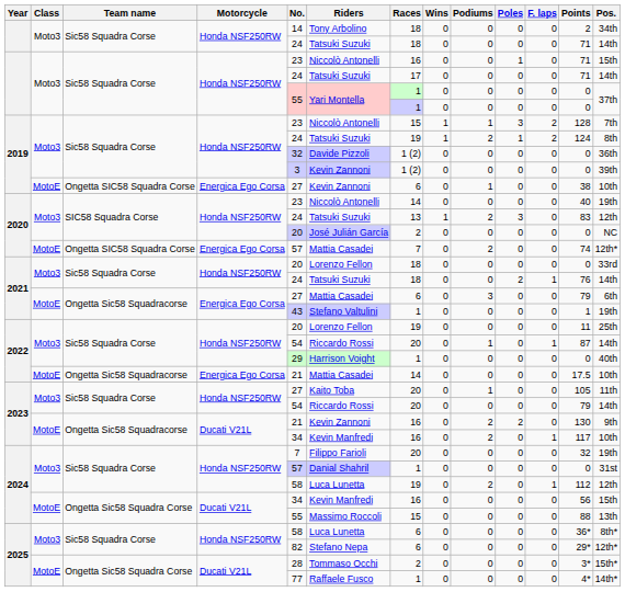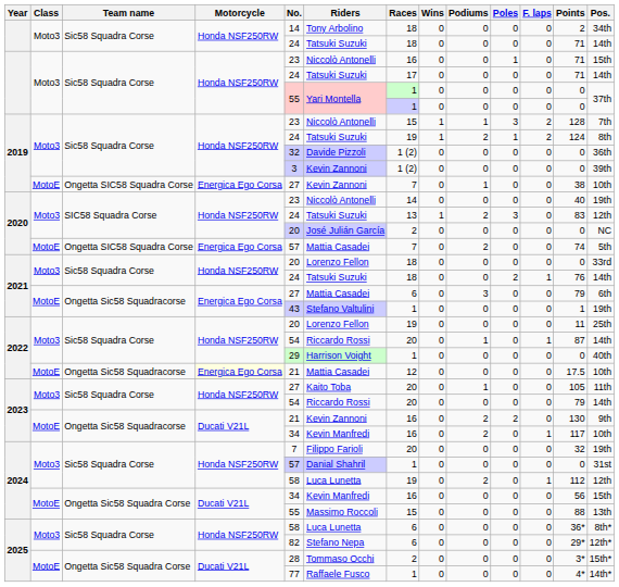 <table class="wikitable" style="text-align:right; font-size:80%;">
 <tr>
 <th scope="col">Year</th>
 <th scope="col">Class</th>
 <th scope="col">Team name</th>
 <th scope="col">Motorcycle</th>
 <th scope="col">No.</th>
 <th scope="col">Riders</th>
 <th scope="col">Races</th>
 <th scope="col">Wins</th>
 <th scope="col">Podiums</th>
 <th scope="col"><a href='#'>Poles</a></th>
 <th scope="col"><a href='#'>F. laps</a></th>
 <th scope="col">Points</th>
 <th scope="col">Pos.</th>
 </tr>
 <tr>
 <th scope="row" rowspan="2"></th>
 <td rowspan="2">Moto3</td>
 <td style="text-align:left;" rowspan="2">Sic58 Squadra Corse</td>
 <td style="text-align:left;" rowspan="2"><a href='#'>Honda NSF250RW</a></td>
 <td style="text-align:center;">14</td>
 <td style="text-align:left;"> <a href='#'>Tony Arbolino</a></td>
 <td>18</td>
 <td>0</td>
 <td>0</td>
 <td>0</td>
 <td>0</td>
 <td>2</td>
 <td>34th</td>
 </tr>
 <tr>
 <td style="text-align:center;">24</td>
 <td style="text-align:left;"> <a href='#'>Tatsuki Suzuki</a></td>
 <td>18</td>
 <td>0</td>
 <td>0</td>
 <td>0</td>
 <td>0</td>
 <td>71</td>
 <td>14th</td>
 </tr>
 <tr>
 <th scope="row" rowspan="4"></th>
 <td rowspan="4">Moto3</td>
 <td style="text-align:left;" rowspan="4">Sic58 Squadra Corse</td>
 <td style="text-align:left;" rowspan="4"><a href='#'>Honda NSF250RW</a></td>
 <td style="text-align:center;">23</td>
 <td style="text-align:left;"> <a href='#'>Niccolò Antonelli</a></td>
 <td>16</td>
 <td>0</td>
 <td>0</td>
 <td>1</td>
 <td>0</td>
 <td>71</td>
 <td>15th</td>
 </tr>
 <tr>
 <td style="text-align:center;">24</td>
 <td style="text-align:left;"> <a href='#'>Tatsuki Suzuki</a></td>
 <td>17</td>
 <td>0</td>
 <td>0</td>
 <td>0</td>
 <td>0</td>
 <td>71</td>
 <td>14th</td>
 </tr>
 <tr>
 <td style="background:#FFCCCC; text-align:center;" rowspan="2">55</td>
 <td style="background:#FFCCCC; text-align:left;" rowspan="2"> <a href='#'>Yari Montella</a></td>
 <td style="background:#CCFFCC;">1</td>
 <td>0</td>
 <td>0</td>
 <td>0</td>
 <td>0</td>
 <td>0</td>
 <td rowspan="2">37th</td>
 </tr>
 <tr>
 <td style="background:#CCCCFF;">1</td>
 <td>0</td>
 <td>0</td>
 <td>0</td>
 <td>0</td>
 <td>0</td>
 </tr>
 <tr>
 <th scope="row" rowspan="5">2019</th>
 <td rowspan="4"><a href='#'>Moto3</a></td>
 <td style="text-align:left;" rowspan="4">Sic58 Squadra Corse</td>
 <td style="text-align:left;" rowspan="4"><a href='#'>Honda NSF250RW</a></td>
 <td style="text-align:center;">23</td>
 <td style="text-align:left;"> <a href='#'>Niccolò Antonelli</a></td>
 <td>15</td>
 <td>1</td>
 <td>1</td>
 <td>3</td>
 <td>2</td>
 <td>128</td>
 <td>7th</td>
 </tr>
 <tr>
 <td style="text-align:center;">24</td>
 <td style="text-align:left;"> <a href='#'>Tatsuki Suzuki</a></td>
 <td>19</td>
 <td>1</td>
 <td>2</td>
 <td>1</td>
 <td>2</td>
 <td>124</td>
 <td>8th</td>
 </tr>
 <tr>
 <td style="background:#CCCCFF; text-align:center;">32</td>
 <td style="background:#CCCCFF; text-align:left;"> <a href='#'>Davide Pizzoli</a></td>
 <td>1 (2)</td>
 <td>0</td>
 <td>0</td>
 <td>0</td>
 <td>0</td>
 <td>0</td>
 <td>36th</td>
 </tr>
 <tr>
 <td style="background:#CCCCFF; text-align:center;">3</td>
 <td style="background:#CCCCFF; text-align:left;"> <a href='#'>Kevin Zannoni</a></td>
 <td>1 (2)</td>
 <td>0</td>
 <td>0</td>
 <td>0</td>
 <td>0</td>
 <td>0</td>
 <td>39th</td>
 </tr>
 <tr>
 <td><a href='#'>MotoE</a></td>
 <td style="text-align:left;">Ongetta SIC58 Squadra Corse</td>
 <td style="text-align:left;"><a href='#'>Energica Ego Corsa</a></td>
 <td style="text-align:center;">27</td>
 <td style="text-align:left;"> <a href='#'>Kevin Zannoni</a></td>
-<td>6</td>
+<td>7</td>
 <td>0</td>
 <td>1</td>
 <td>0</td>
 <td>0</td>
 <td>38</td>
 <td>10th</td>
 </tr>
 <tr>
 <th scope="row" rowspan="4">2020</th>
 <td rowspan="3"><a href='#'>Moto3</a></td>
 <td style="text-align:left;" rowspan="3">SIC58 Squadra Corse</td>
 <td style="text-align:left;" rowspan="3"><a href='#'>Honda NSF250RW</a></td>
 <td style="text-align:center;">23</td>
 <td style="text-align:left;"> <a href='#'>Niccolò Antonelli</a></td>
 <td>14</td>
 <td>0</td>
 <td>0</td>
 <td>0</td>
 <td>0</td>
 <td>40</td>
 <td>19th</td>
 </tr>
 <tr>
 <td style="text-align:center;">24</td>
 <td style="text-align:left;"> <a href='#'>Tatsuki Suzuki</a></td>
 <td>13</td>
 <td>1</td>
 <td>2</td>
 <td>3</td>
 <td>0</td>
 <td>83</td>
 <td>12th</td>
 </tr>
 <tr>
 <td style="background:#CCCCFF; text-align:center;">20</td>
 <td style="background:#CCCCFF; text-align:left;"> <a href='#'>José Julián García</a></td>
 <td>2</td>
 <td>0</td>
 <td>0</td>
 <td>0</td>
 <td>0</td>
 <td>0</td>
 <td>NC</td>
 </tr>
 <tr>
 <td><a href='#'>MotoE</a></td>
 <td style="text-align:left;">Ongetta SIC58 Squadra Corse</td>
 <td style="text-align:left;"><a href='#'>Energica Ego Corsa</a></td>
 <td style="text-align:center;">57</td>
 <td style="text-align:left;"> <a href='#'>Mattia Casadei</a></td>
 <td>7</td>
 <td>0</td>
 <td>2</td>
 <td>0</td>
 <td>0</td>
 <td>74</td>
-<td>12th*</td>
+<td>5th</td>
 </tr>
 <tr>
 <th scope="row" rowspan="4">2021</th>
 <td rowspan="2"><a href='#'>Moto3</a></td>
 <td style="text-align:left;" rowspan="2">Sic58 Squadra Corse</td>
 <td style="text-align:left;" rowspan="2"><a href='#'>Honda NSF250RW</a></td>
 <td style="text-align:center;">20</td>
 <td style="text-align:left;"> <a href='#'>Lorenzo Fellon</a></td>
 <td>18</td>
 <td>0</td>
 <td>0</td>
 <td>0</td>
 <td>0</td>
 <td>0</td>
 <td>33rd</td>
 </tr>
 <tr>
 <td style="text-align:center;">24</td>
 <td style="text-align:left;"> <a href='#'>Tatsuki Suzuki</a></td>
 <td>18</td>
 <td>0</td>
 <td>0</td>
 <td>2</td>
 <td>1</td>
 <td>76</td>
 <td>14th</td>
 </tr>
 <tr>
 <td style="text-align:left;" rowspan="2"><a href='#'>MotoE</a></td>
 <td style="text-align:left;" rowspan="2">Ongetta Sic58 Squadracorse</td>
 <td style="text-align:left;" rowspan="2"><a href='#'>Energica Ego Corsa</a></td>
 <td style="text-align:center;">27</td>
 <td style="text-align:left;"> <a href='#'>Mattia Casadei</a></td>
 <td>6</td>
 <td>0</td>
 <td>3</td>
 <td>0</td>
 <td>0</td>
 <td>79</td>
 <td>6th</td>
 </tr>
 <tr>
 <td style="background:#CCCCFF; text-align:center;">43</td>
 <td style="background:#CCCCFF; text-align:left;"> <a href='#'>Stefano Valtulini</a></td>
 <td>1</td>
 <td>0</td>
 <td>0</td>
 <td>0</td>
 <td>0</td>
 <td>1</td>
 <td>19th</td>
 </tr>
 <tr>
 <th scope="row" rowspan="4">2022</th>
 <td rowspan="3"><a href='#'>Moto3</a></td>
 <td style="text-align:left;" rowspan="3">Sic58 Squadra Corse</td>
 <td style="text-align:left;" rowspan="3"><a href='#'>Honda NSF250RW</a></td>
 <td style="text-align:center;">20</td>
 <td style="text-align:left;"> <a href='#'>Lorenzo Fellon</a></td>
 <td>19</td>
 <td>0</td>
 <td>0</td>
 <td>0</td>
 <td>0</td>
 <td>11</td>
 <td>25th</td>
 </tr>
 <tr>
 <td style="text-align:center;">54</td>
 <td style="text-align:left;"> <a href='#'>Riccardo Rossi</a></td>
 <td>20</td>
 <td>0</td>
 <td>1</td>
 <td>0</td>
 <td>1</td>
 <td>87</td>
 <td>14th</td>
 </tr>
 <tr>
 <td style="background:#CCFFCC; text-align:center;">29</td>
 <td style="background:#CCFFCC; text-align:left;"> <a href='#'>Harrison Voight</a></td>
 <td>1</td>
 <td>0</td>
 <td>0</td>
 <td>0</td>
 <td>0</td>
 <td>0</td>
 <td>40th</td>
 </tr>
 <tr>
 <td><a href='#'>MotoE</a></td>
 <td style="text-align:left;">Ongetta Sic58 Squadracorse</td>
-<td style="text-align:left;"><a href='#'>Energica Ego Corsa</a></td>
+<td style="background: lightyellow; text-align:left;"><a href='#'>Energica Ego Corsa</a></td>
 <td style="text-align:center;">21</td>
 <td style="text-align:left;"> <a href='#'>Mattia Casadei</a></td>
-<td>14</td>
+<td>12</td>
 <td>0</td>
 <td>0</td>
 <td>0</td>
 <td>0</td>
 <td>17.5</td>
 <td>10th</td>
 </tr>
 <tr>
 <th scope="row" rowspan="4">2023</th>
 <td rowspan="2"><a href='#'>Moto3</a></td>
 <td style="text-align:left;" rowspan="2">Sic58 Squadra Corse</td>
 <td style="text-align:left;" rowspan="2"><a href='#'>Honda NSF250RW</a></td>
 <td style="text-align:center;">27</td>
 <td style="text-align:left;"> <a href='#'>Kaito Toba</a></td>
 <td>20</td>
 <td>0</td>
 <td>1</td>
 <td>0</td>
 <td>0</td>
 <td>105</td>
 <td>11th</td>
 </tr>
 <tr>
 <td style="text-align:center;">54</td>
 <td style="text-align:left;"> <a href='#'>Riccardo Rossi</a></td>
 <td>20</td>
 <td>0</td>
 <td>0</td>
 <td>0</td>
 <td>0</td>
 <td>79</td>
 <td>14th</td>
 </tr>
 <tr>
 <td rowspan="2"><a href='#'>MotoE</a></td>
 <td style="text-align:left;" rowspan="2">Ongetta Sic58 Squadracorse</td>
 <td style="text-align:left;" rowspan="2"><a href='#'>Ducati V21L</a></td>
 <td style="text-align:center;">21</td>
 <td style="text-align:left;"> <a href='#'>Kevin Zannoni</a></td>
 <td>16</td>
 <td>0</td>
 <td>2</td>
 <td>2</td>
 <td>0</td>
 <td>130</td>
 <td>9th</td>
 </tr>
 <tr>
 <td style="text-align:center;">34</td>
 <td style="text-align:left;"> <a href='#'>Kevin Manfredi</a></td>
 <td>16</td>
 <td>0</td>
 <td>2</td>
 <td>0</td>
 <td>1</td>
 <td>117</td>
 <td>10th</td>
 </tr>
 <tr>
 <th scope="row" rowspan="5">2024</th>
 <td rowspan="3"><a href='#'>Moto3</a></td>
 <td style="text-align:left;" rowspan="3">Sic58 Squadra Corse</td>
 <td style="text-align:left;" rowspan="3"><a href='#'>Honda NSF250RW</a></td>
 <td style="text-align:center;">7</td>
 <td style="text-align:left;"> <a href='#'>Filippo Farioli</a></td>
 <td>20</td>
 <td>0</td>
 <td>0</td>
 <td>0</td>
 <td>0</td>
 <td>32</td>
 <td>19th</td>
 </tr>
 <tr>
 <td style="background:#CCCCFF; text-align:center;">57</td>
 <td style="background:#CCCCFF; text-align:left;"> <a href='#'>Danial Shahril</a></td>
 <td>1</td>
 <td>0</td>
 <td>0</td>
 <td>0</td>
 <td>0</td>
 <td>0</td>
 <td>31st</td>
 </tr>
 <tr>
 <td style="text-align:center;">58</td>
 <td style="text-align:left;"> <a href='#'>Luca Lunetta</a></td>
 <td>19</td>
 <td>0</td>
 <td>2</td>
 <td>0</td>
 <td>1</td>
 <td>112</td>
 <td>12th</td>
 </tr>
 <tr>
 <td rowspan="2"><a href='#'>MotoE</a></td>
 <td style="text-align:left;" rowspan="2">Ongetta Sic58 Squadra Corse</td>
 <td style="text-align:left;" rowspan="2"><a href='#'>Ducati V21L</a></td>
 <td style="text-align:center;">34</td>
 <td style="text-align:left;"> <a href='#'>Kevin Manfredi</a></td>
 <td>16</td>
 <td>0</td>
 <td>0</td>
 <td>0</td>
 <td>0</td>
 <td>56</td>
 <td>15th</td>
 </tr>
 <tr>
 <td style="text-align:center;">55</td>
 <td style="text-align:left;"> <a href='#'>Massimo Roccoli</a></td>
 <td>15</td>
 <td>0</td>
 <td>0</td>
 <td>0</td>
 <td>0</td>
 <td>88</td>
 <td>13th</td>
 </tr>
 <tr>
 <th scope="row" rowspan="4">2025</th>
 <td rowspan="2"><a href='#'>Moto3</a></td>
 <td style="text-align:left;" rowspan="2">Sic58 Squadra Corse</td>
 <td style="text-align:left;" rowspan="2"><a href='#'>Honda NSF250RW</a></td>
 <td style="text-align:center;">58</td>
 <td style="text-align:left;"> <a href='#'>Luca Lunetta</a></td>
 <td>6</td>
 <td>0</td>
 <td>0</td>
 <td>0</td>
 <td>0</td>
 <td>36*</td>
 <td>8th*</td>
 </tr>
 <tr>
 <td style="text-align:center;">82</td>
 <td style="text-align:left;"> <a href='#'>Stefano Nepa</a></td>
 <td>6</td>
 <td>0</td>
 <td>0</td>
 <td>0</td>
 <td>0</td>
 <td>29*</td>
 <td>12th*</td>
 </tr>
 <tr>
 <td rowspan="2"><a href='#'>MotoE</a></td>
 <td style="text-align:left;" rowspan="2">Ongetta Sic58 Squadra Corse</td>
 <td style="text-align:left;" rowspan="2"><a href='#'>Ducati V21L</a></td>
 <td style="text-align:center;">28</td>
 <td style="text-align:left;"> <a href='#'>Tommaso Occhi</a></td>
 <td>2</td>
 <td>0</td>
 <td>0</td>
 <td>0</td>
 <td>0</td>
 <td>3*</td>
 <td>15th*</td>
 </tr>
 <tr>
 <td style="text-align:center;">77</td>
 <td style="text-align:left;"> <a href='#'>Raffaele Fusco</a></td>
 <td>1</td>
 <td>0</td>
 <td>0</td>
 <td>0</td>
 <td>0</td>
 <td>4*</td>
 <td>14th*</td>
 </tr>
 </table>
